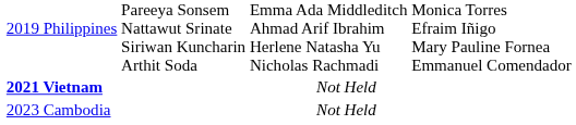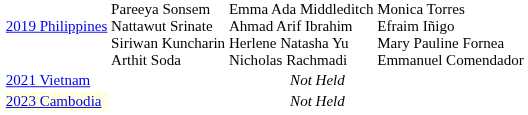 <table>
 <tr>
 <td><a href='#'>2019 Philippines</a><br></td>
 <td nowrap=true><br>Pareeya Sonsem<br>Nattawut Srinate<br>Siriwan Kuncharin<br>Arthit Soda</td>
 <td nowrap=true><br>Emma Ada Middleditch<br>Ahmad Arif Ibrahim<br>Herlene Natasha Yu<br>Nicholas Rachmadi</td>
 <td nowrap=true><br>Monica Torres<br>Efraim Iñigo<br>Mary Pauline Fornea<br>Emmanuel Comendador</td>
 </tr>
 <tr>
-<td><strong><a href='#'>2021 Vietnam</a><br></strong></td>
+<td><a href='#'>2021 Vietnam</a><br></td>
 <td colspan=4; align=center><em>Not Held</em></td>
 </tr>
 <tr>
-<td><a href='#'>2023 Cambodia</a><br></td>
+<td style="background: lightyellow;"><a href='#'>2023 Cambodia</a><br></td>
 <td colspan=4; align=center><em>Not Held</em></td>
 </tr>
 </table>
